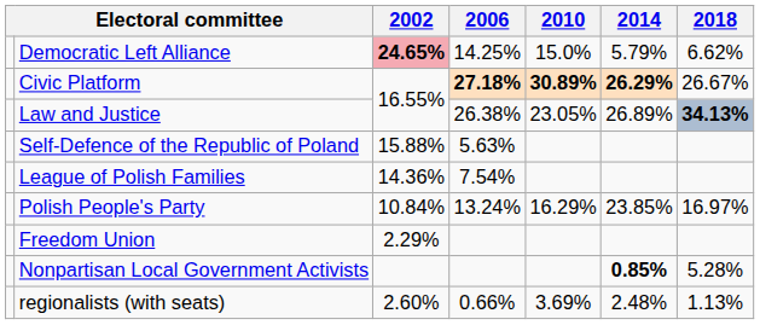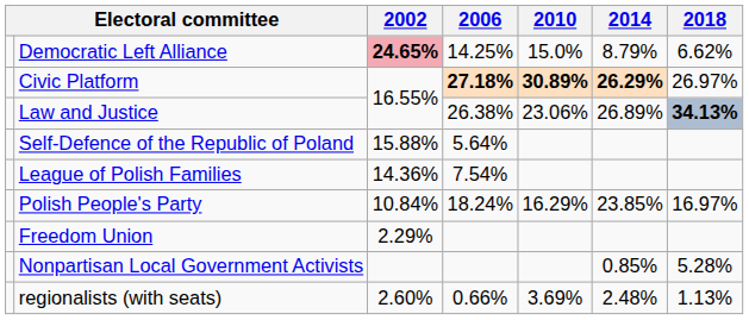 <table class="wikitable" style="text-align:center;">
 <tr>
 <th colspan="2">Electoral committee</th>
 <th><a href='#'>2002</a></th>
 <th><a href='#'>2006</a></th>
 <th><a href='#'>2010</a></th>
 <th><a href='#'>2014</a></th>
 <th><a href='#'>2018</a></th>
 </tr>
 <tr>
 <td style="background: "></td>
 <td style="text-align: left;"><a href='#'>Democratic Left Alliance</a></td>
 <td style="background: #f5aab3;"><strong>24.65%<br></strong></td>
 <td>14.25%<br></td>
 <td>15.0%<br></td>
-<td>5.79%<br></td>
+<td>8.79%<br></td>
 <td>6.62%<br></td>
 </tr>
 <tr>
 <td style="background: "></td>
 <td style="text-align: left;"><a href='#'>Civic Platform</a></td>
 <td rowspan="2">16.55%<br></td>
 <td style="background: #fee0c0;"><strong>27.18%<br></strong></td>
 <td style="background: #fee0c0;"><strong>30.89%<br></strong></td>
 <td style="background: #fee0c0;"><strong>26.29%<br></strong></td>
-<td>26.67%<br></td>
+<td>26.97%<br></td>
 </tr>
 <tr>
 <td style="background: "></td>
 <td style="text-align: left;"><a href='#'>Law and Justice</a></td>
 <td>26.38%<br></td>
-<td>23.05%<br></td>
+<td>23.06%<br></td>
 <td>26.89%<br><strong></strong></td>
 <td style="background: #acbdd1;"><strong>34.13%<br></strong></td>
 </tr>
 <tr>
 <td style="background: "></td>
 <td style="text-align: left;"><a href='#'>Self-Defence of the Republic of Poland</a></td>
 <td>15.88%<br></td>
-<td>5.63%<br></td>
+<td>5.64%<br></td>
 <td></td>
 <td></td>
 <td></td>
 </tr>
 <tr>
 <td style="background: "></td>
 <td style="text-align: left;"><a href='#'>League of Polish Families</a></td>
 <td>14.36%<br></td>
 <td>7.54%<br></td>
 <td></td>
 <td></td>
 <td></td>
 </tr>
 <tr>
 <td style="background: "></td>
 <td style="text-align: left;"><a href='#'>Polish People's Party</a></td>
 <td>10.84%<br></td>
-<td>13.24%<br></td>
+<td>18.24%<br></td>
 <td>16.29%<br></td>
 <td>23.85%<br></td>
 <td>16.97%<br></td>
 </tr>
 <tr>
 <td style="background: "></td>
 <td style="text-align: left;"><a href='#'>Freedom Union</a></td>
 <td>2.29%<br></td>
 <td></td>
 <td></td>
 <td></td>
 <td></td>
 </tr>
 <tr>
 <td style="background: "></td>
 <td style="text-align: left;"><a href='#'>Nonpartisan Local Government Activists</a></td>
 <td></td>
 <td></td>
 <td></td>
-<td><strong>0.85%<br></strong></td>
+<td>0.85%<br></td>
 <td>5.28%<br></td>
 </tr>
 <tr>
 <td style="background: "></td>
 <td style="text-align: left;">regionalists (with seats)</td>
 <td>2.60%<br></td>
 <td>0.66%<br></td>
 <td>3.69%<br></td>
 <td>2.48%<br></td>
 <td>1.13%<br></td>
 </tr>
 </table>
